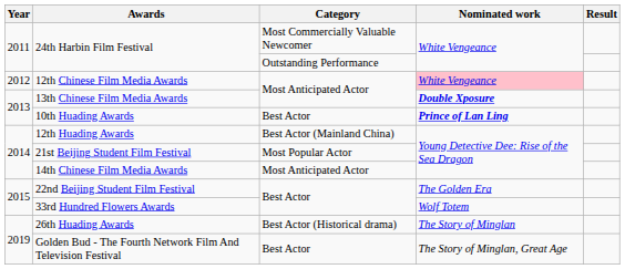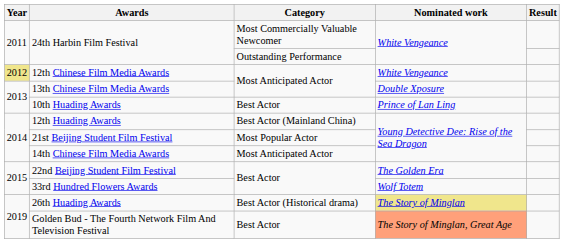 <table class="wikitable">
 <tr>
 <th>Year</th>
 <th>Awards</th>
 <th>Category</th>
 <th>Nominated work</th>
 <th>Result</th>
 </tr>
 <tr>
 <td rowspan=2>2011</td>
 <td rowspan=2>24th Harbin Film Festival</td>
 <td>Most Commercially Valuable Newcomer</td>
 <td rowspan=2><em><a href='#'>White Vengeance</a></em></td>
 <td></td>
 </tr>
 <tr>
 <td>Outstanding Performance</td>
 <td></td>
 </tr>
 <tr>
-<td>2012</td>
+<td style="background: khaki;">2012</td>
 <td>12th <a href='#'>Chinese Film Media Awards</a></td>
 <td rowspan=2>Most Anticipated Actor</td>
-<td rowspan=1 style="background: pink;"><em><a href='#'>White Vengeance</a></em></td>
+<td rowspan=1><em><a href='#'>White Vengeance</a></em></td>
 <td></td>
 </tr>
 <tr>
 <td rowspan=2>2013</td>
 <td>13th <a href='#'>Chinese Film Media Awards</a></td>
-<td><strong><em><a href='#'>Double Xposure</a></em></strong></td>
+<td><em><a href='#'>Double Xposure</a></em></td>
 <td></td>
 </tr>
 <tr>
 <td>10th <a href='#'>Huading Awards</a></td>
 <td>Best Actor</td>
-<td><strong><em><a href='#'>Prince of Lan Ling</a></em></strong></td>
+<td><em><a href='#'>Prince of Lan Ling</a></em></td>
 <td></td>
 </tr>
 <tr>
 <td rowspan=3>2014</td>
 <td>12th <a href='#'>Huading Awards</a></td>
 <td>Best Actor (Mainland China)</td>
 <td rowspan=3><em><a href='#'>Young Detective Dee: Rise of the Sea Dragon</a></em></td>
 <td></td>
 </tr>
 <tr>
 <td>21st <a href='#'>Beijing Student Film Festival</a></td>
 <td>Most Popular Actor</td>
 <td></td>
 </tr>
 <tr>
 <td>14th <a href='#'>Chinese Film Media Awards</a></td>
 <td>Most Anticipated Actor</td>
 <td></td>
 </tr>
 <tr>
 <td rowspan=2>2015</td>
 <td>22nd <a href='#'>Beijing Student Film Festival</a></td>
 <td rowspan=2>Best Actor</td>
 <td><em><a href='#'>The Golden Era</a></em></td>
 <td></td>
 </tr>
 <tr>
 <td>33rd <a href='#'>Hundred Flowers Awards</a></td>
 <td><em><a href='#'>Wolf Totem</a></em></td>
 <td></td>
 </tr>
 <tr>
 <td rowspan=2>2019</td>
 <td>26th <a href='#'>Huading Awards</a></td>
 <td>Best Actor (Historical drama)</td>
-<td><em><a href='#'>The Story of Minglan</a></em></td>
+<td style="background: khaki;"><em><a href='#'>The Story of Minglan</a></em></td>
 <td></td>
 </tr>
 <tr>
 <td>Golden Bud - The Fourth Network Film And Television Festival</td>
 <td>Best Actor</td>
-<td><em>The Story of Minglan</em>, <em>Great Age</em></td>
+<td style="background: lightsalmon;"><em>The Story of Minglan</em>, <em>Great Age</em></td>
 <td></td>
 </tr>
 </table>
